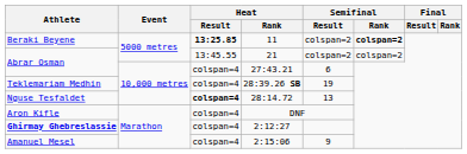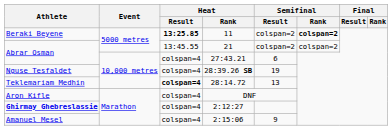 <table class="wikitable" style="font-size:90%">
 <tr>
 <th rowspan="2">Athlete</th>
 <th rowspan="2">Event</th>
 <th colspan="2">Heat</th>
 <th colspan="2">Semifinal</th>
 <th colspan="2">Final</th>
 </tr>
 <tr style="font-size:95%">
 <th>Result</th>
 <th>Rank</th>
 <th>Result</th>
 <th>Rank</th>
 <th>Result</th>
 <th>Rank</th>
 </tr>
 <tr style=text-align:center>
 <td style=text-align:left><a href='#'>Beraki Beyene</a></td>
 <td style=text-align:left rowspan=2><a href='#'>5000 metres</a></td>
 <td><strong>13:25.85</strong></td>
 <td>11</td>
 <td>colspan=2 </td>
 <td><strong>colspan=2 </strong></td>
 </tr>
 <tr style=text-align:center>
 <td style=text-align:left rowspan=2><a href='#'>Abrar Osman</a></td>
 <td>13:45.55</td>
 <td>21</td>
 <td>colspan=2 </td>
 <td>colspan=2 </td>
 </tr>
 <tr style=text-align:center>
 <td style=text-align:left rowspan=3><a href='#'>10,000 metres</a></td>
 <td>colspan=4 </td>
 <td>27:43.21</td>
 <td>6</td>
 </tr>
 <tr style=text-align:center>
-<td style=text-align:left><a href='#'>Teklemariam Medhin</a></td>
+<td style=text-align:left><a href='#'>Nguse Tesfaldet</a></td>
 <td>colspan=4 </td>
 <td>28:39.26 <strong>SB</strong></td>
 <td>19</td>
 </tr>
 <tr style=text-align:center>
-<td style=text-align:left><a href='#'>Nguse Tesfaldet</a></td>
+<td style=text-align:left><a href='#'>Teklemariam Medhin</a></td>
 <td><strong>colspan=4 </strong></td>
 <td>28:14.72</td>
 <td>13</td>
 </tr>
 <tr style=text-align:center>
 <td style=text-align:left><a href='#'>Aron Kifle</a></td>
 <td style=text-align:left rowspan=3><a href='#'>Marathon</a></td>
 <td>colspan=4 </td>
 <td colspan=2>DNF</td>
 </tr>
 <tr style=text-align:center>
 <td style=text-align:left><strong><a href='#'>Ghirmay Ghebreslassie</a></strong></td>
 <td>colspan=4 </td>
 <td>2:12:27</td>
 <td></td>
 </tr>
 <tr style=text-align:center>
 <td style=text-align:left><a href='#'>Amanuel Mesel</a></td>
 <td>colspan=4 </td>
 <td>2:15:06</td>
 <td>9</td>
 </tr>
 </table>
